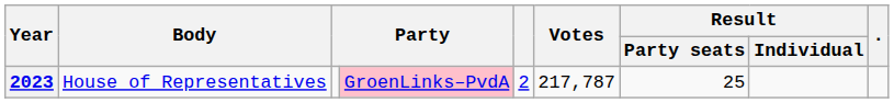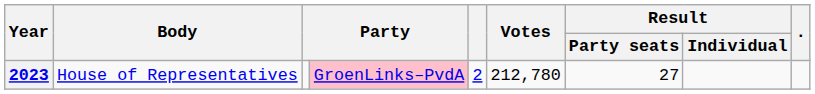 <table class="wikitable plainrowheaders sortable" border=2 cellpadding=4 cellspacing=0 style="border: 1px #aaa solid; font-size: 90%; text-align:center;">
 <tr>
 <th scope="col" rowspan=2>Year</th>
 <th scope="col" rowspan=2>Body</th>
 <th scope="col" colspan=2 rowspan=2>Party</th>
 <th scope="col" rowspan=2></th>
 <th scope="col" rowspan=2>Votes</th>
 <th scope="colgroup" colspan=2>Result</th>
 <th scope="col" rowspan=2 class="unsortable">.</th>
 </tr>
 <tr>
 <th scope="col">Party seats</th>
 <th scope="col">Individual</th>
 </tr>
 <tr>
 <th scope="row"><a href='#'>2023</a></th>
 <td><a href='#'>House of Representatives</a></td>
 <td style="background-color:"></td>
 <td style="background: pink;"><a href='#'>GroenLinks–PvdA</a></td>
 <td style=text-align:right><a href='#'>2</a></td>
-<td style=text-align:right>217,787</td>
-<td style=text-align:right>25</td>
+<td style=text-align:right>212,780</td>
+<td style=text-align:right>27</td>
 <td></td>
 <td></td>
 </tr>
 </table>
